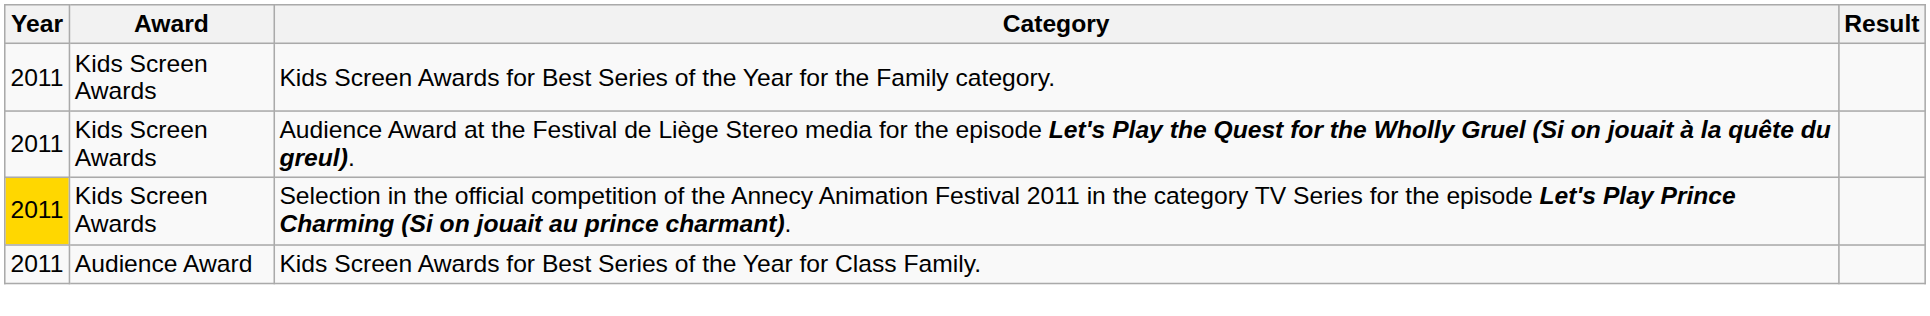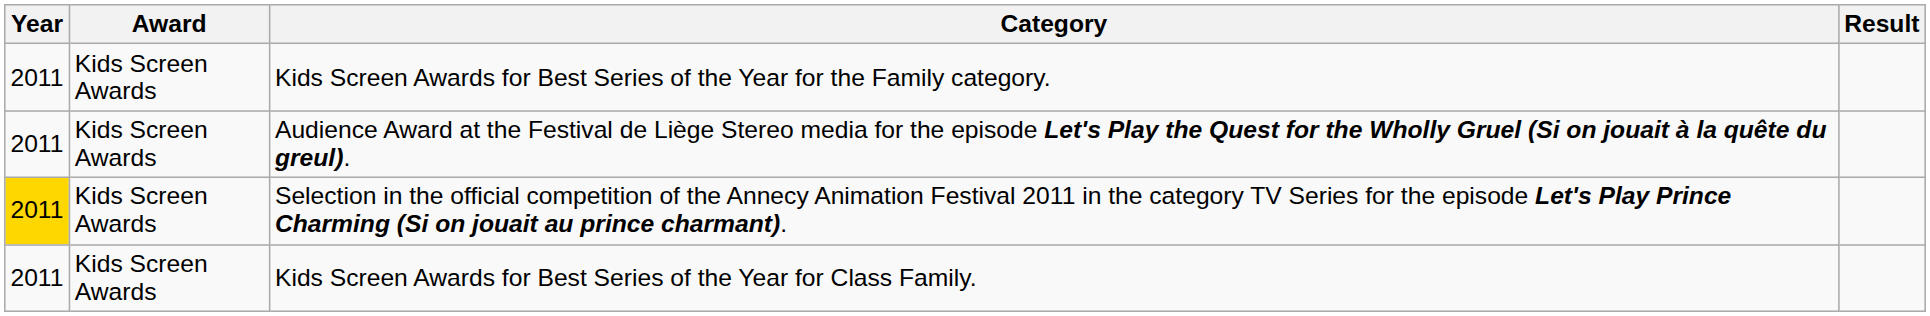 <table class="wikitable sortable">
 <tr>
 <th>Year</th>
 <th>Award</th>
 <th>Category</th>
 <th>Result</th>
 </tr>
 <tr>
 <td>2011</td>
 <td>Kids Screen Awards</td>
 <td>Kids Screen Awards for Best Series of the Year for the Family category.</td>
 <td></td>
 </tr>
 <tr>
 <td>2011</td>
 <td>Kids Screen Awards</td>
 <td>Audience Award at the Festival de Liège Stereo media for the episode <strong><em>Let's Play the Quest for the Wholly Gruel (Si on jouait à la quête du greul)</em></strong>.</td>
 <td></td>
 </tr>
 <tr>
 <td style="background: gold;">2011</td>
 <td>Kids Screen Awards</td>
 <td>Selection in the official competition of the Annecy Animation Festival 2011 in the category TV Series for the episode <strong><em>Let's Play Prince Charming (Si on jouait au prince charmant)</em></strong>.</td>
 <td></td>
 </tr>
 <tr>
 <td>2011</td>
-<td>Audience Award</td>
+<td>Kids Screen Awards</td>
 <td>Kids Screen Awards for Best Series of the Year for Class Family.</td>
 <td></td>
 </tr>
 </table>
